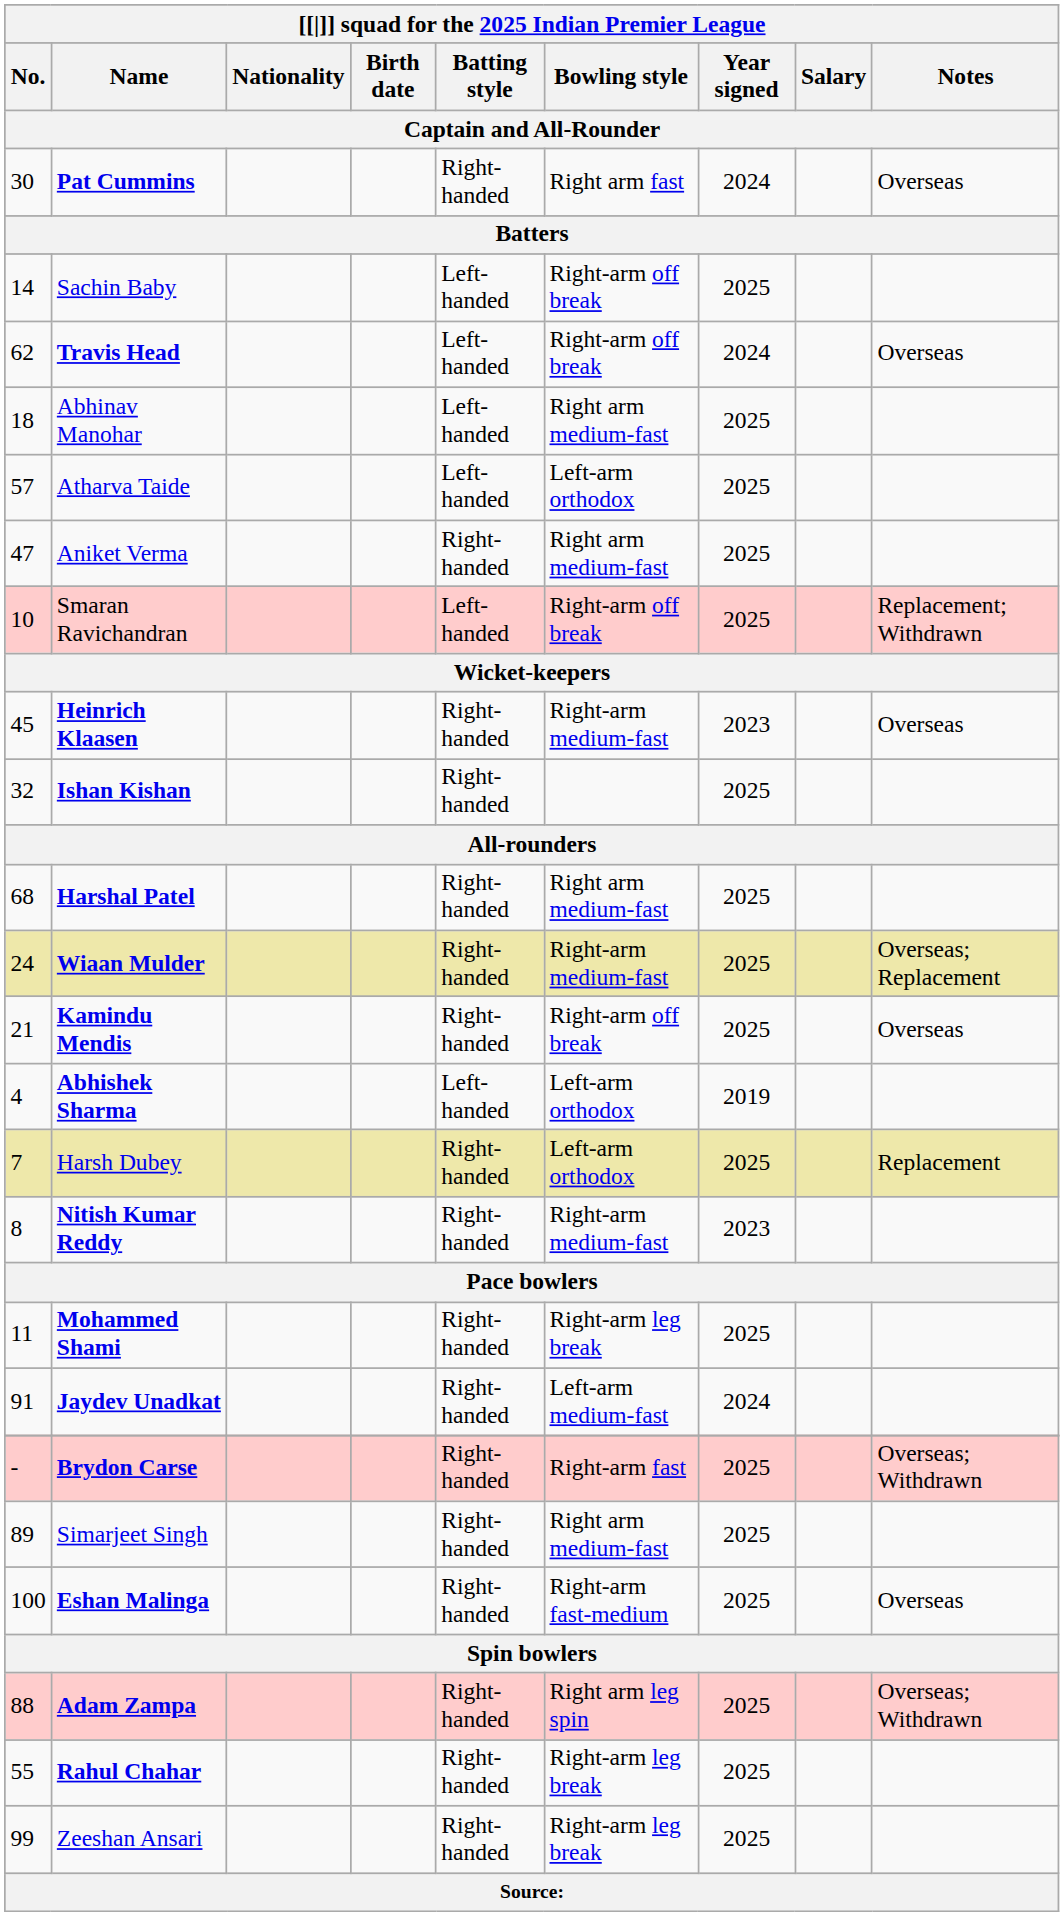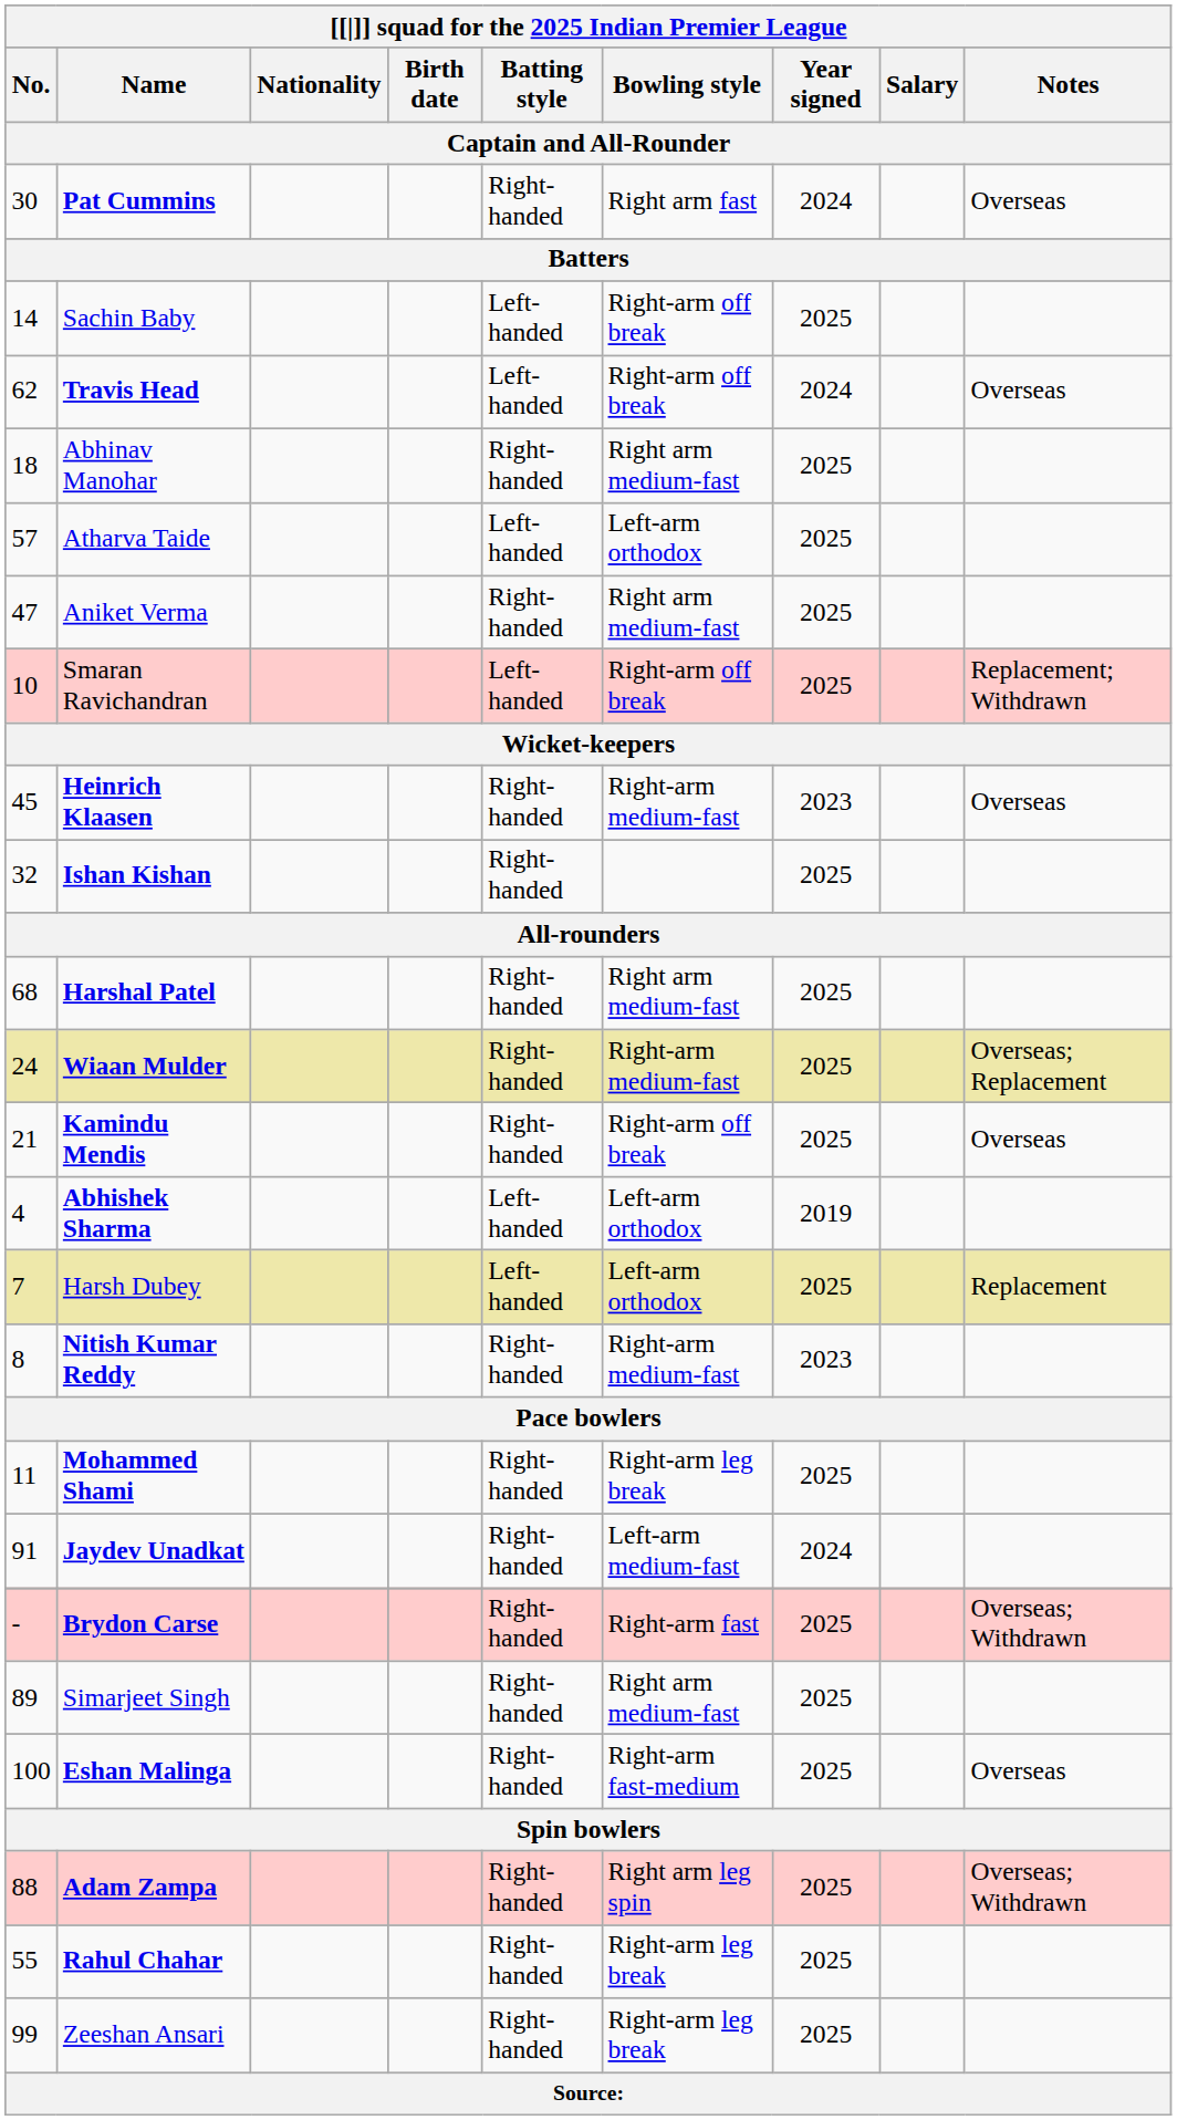 <table class="wikitable" style="font-size:85%">
 <tr>
 <th colspan="9" style="background:#"><span>[[|<span></span>]] squad for the <a href='#'><span>2025 Indian Premier League</span></a></span></th>
 </tr>
 <tr>
 <th>No.</th>
 <th>Name</th>
 <th>Nationality</th>
 <th>Birth date</th>
 <th>Batting style</th>
 <th>Bowling style</th>
 <th>Year signed</th>
 <th>Salary</th>
 <th>Notes</th>
 </tr>
 <tr>
 <th colspan="9">Captain and All-Rounder</th>
 </tr>
 <tr>
 <td>30</td>
 <td><strong><a href='#'>Pat Cummins</a></strong></td>
 <td></td>
 <td></td>
 <td>Right-handed</td>
 <td>Right arm <a href='#'>fast</a></td>
 <td style="text-align:center;">2024</td>
 <td style="text-align:right;"></td>
 <td>Overseas</td>
 </tr>
 <tr>
 <th colspan="9">Batters</th>
 </tr>
 <tr>
 <td>14</td>
 <td><a href='#'>Sachin Baby</a></td>
 <td></td>
 <td></td>
 <td>Left-handed</td>
 <td>Right-arm <a href='#'>off break</a></td>
 <td style="text-align:center;">2025</td>
 <td style="text-align:right;"></td>
 <td></td>
 </tr>
 <tr>
 <td>62</td>
 <td><strong><a href='#'>Travis Head</a></strong></td>
 <td></td>
 <td></td>
 <td>Left-handed</td>
 <td>Right-arm <a href='#'>off break</a></td>
 <td style="text-align:center;">2024</td>
 <td style="text-align:right;"></td>
 <td>Overseas</td>
 </tr>
 <tr>
 <td>18</td>
 <td><a href='#'>Abhinav Manohar</a></td>
 <td></td>
 <td></td>
-<td>Left-handed</td>
+<td>Right-handed</td>
 <td>Right arm <a href='#'>medium-fast</a></td>
 <td style="text-align:center;">2025</td>
 <td style="text-align:right;"></td>
 <td></td>
 </tr>
 <tr>
 <td>57</td>
 <td><a href='#'>Atharva Taide</a></td>
 <td></td>
 <td></td>
 <td>Left-handed</td>
 <td>Left-arm <a href='#'>orthodox</a></td>
 <td style="text-align:center;">2025</td>
 <td style="text-align:right;"></td>
 <td></td>
 </tr>
 <tr>
 <td>47</td>
 <td><a href='#'>Aniket Verma</a></td>
 <td></td>
 <td></td>
 <td>Right-handed</td>
 <td>Right arm <a href='#'>medium-fast</a></td>
 <td style="text-align:center;">2025</td>
 <td style="text-align:right;"></td>
 <td></td>
 </tr>
 <tr style="background:#FFCCCC;">
 <td>10</td>
 <td>Smaran Ravichandran</td>
 <td></td>
 <td></td>
 <td>Left-handed</td>
 <td>Right-arm <a href='#'>off break</a></td>
 <td style="text-align:center;">2025</td>
 <td style="text-align:right;"></td>
 <td>Replacement; Withdrawn </td>
 </tr>
 <tr>
 <th colspan="9">Wicket-keepers</th>
 </tr>
 <tr>
 <td>45</td>
 <td><strong><a href='#'>Heinrich Klaasen</a></strong></td>
 <td></td>
 <td></td>
 <td>Right-handed</td>
 <td>Right-arm <a href='#'>medium-fast</a></td>
 <td style="text-align:center;">2023</td>
 <td style="text-align:right;"></td>
 <td>Overseas</td>
 </tr>
 <tr>
 <td>32</td>
 <td><strong><a href='#'>Ishan Kishan</a></strong></td>
 <td></td>
 <td></td>
 <td>Right-handed</td>
 <td></td>
 <td style="text-align:center;">2025</td>
 <td style="text-align:right;"></td>
 <td></td>
 </tr>
 <tr>
 <th colspan="9">All-rounders</th>
 </tr>
 <tr>
 <td>68</td>
 <td><strong><a href='#'>Harshal Patel</a></strong></td>
 <td></td>
 <td></td>
 <td>Right-handed</td>
 <td>Right arm <a href='#'>medium-fast</a></td>
 <td style="text-align:center;">2025</td>
 <td style="text-align:right;"></td>
 <td></td>
 </tr>
 <tr style="background:#EEE8AA;">
 <td>24</td>
 <td><strong><a href='#'>Wiaan Mulder</a></strong></td>
 <td></td>
 <td></td>
 <td>Right-handed</td>
 <td>Right-arm <a href='#'>medium-fast</a></td>
 <td style="text-align:center;">2025</td>
 <td style="text-align:right;"></td>
 <td>Overseas; Replacement </td>
 </tr>
 <tr>
 <td>21</td>
 <td><strong><a href='#'>Kamindu Mendis</a></strong></td>
 <td></td>
 <td></td>
 <td>Right-handed</td>
 <td>Right-arm <a href='#'>off break</a></td>
 <td style="text-align:center;">2025</td>
 <td style="text-align:right;"></td>
 <td>Overseas</td>
 </tr>
 <tr>
 <td>4</td>
 <td><strong><a href='#'>Abhishek Sharma</a></strong></td>
 <td></td>
 <td></td>
 <td>Left-handed</td>
 <td>Left-arm <a href='#'>orthodox</a></td>
 <td style="text-align:center;">2019</td>
 <td style="text-align:right;"></td>
 <td></td>
 </tr>
 <tr style="background:#EEE8AA;">
 <td>7</td>
 <td><a href='#'>Harsh Dubey</a></td>
 <td></td>
 <td></td>
-<td>Right-handed</td>
+<td>Left-handed</td>
 <td>Left-arm <a href='#'>orthodox</a></td>
 <td style="text-align:center;">2025</td>
 <td style="text-align:right;"></td>
 <td>Replacement </td>
 </tr>
 <tr>
 <td>8</td>
 <td><strong><a href='#'>Nitish Kumar Reddy</a></strong></td>
 <td></td>
 <td></td>
 <td>Right-handed</td>
 <td>Right-arm <a href='#'>medium-fast</a></td>
 <td style="text-align:center;">2023</td>
 <td style="text-align:right;"></td>
 <td></td>
 </tr>
 <tr>
 <th colspan="9">Pace bowlers</th>
 </tr>
 <tr>
 <td>11</td>
 <td><strong><a href='#'>Mohammed Shami</a></strong></td>
 <td></td>
 <td></td>
 <td>Right-handed</td>
 <td>Right-arm <a href='#'>leg break</a></td>
 <td style="text-align:center;">2025</td>
 <td style="text-align:right;"></td>
 <td></td>
 </tr>
 <tr>
 <td>91</td>
 <td><strong><a href='#'>Jaydev Unadkat</a></strong></td>
 <td></td>
 <td></td>
 <td>Right-handed</td>
 <td>Left-arm <a href='#'>medium-fast</a></td>
 <td style="text-align:center;">2024</td>
 <td style="text-align:right;"></td>
 <td></td>
 </tr>
 <tr>
 </tr>
 <tr style="background:#FFCCCC;">
 <td>-</td>
 <td><strong><a href='#'>Brydon Carse</a></strong></td>
 <td></td>
 <td></td>
 <td>Right-handed</td>
 <td>Right-arm <a href='#'>fast</a></td>
 <td style="text-align:center;">2025</td>
 <td style="text-align:right;"></td>
 <td>Overseas; Withdrawn </td>
 </tr>
 <tr>
 <td>89</td>
 <td><a href='#'>Simarjeet Singh</a></td>
 <td></td>
 <td></td>
 <td>Right-handed</td>
 <td>Right arm <a href='#'>medium-fast</a></td>
 <td style="text-align:center;">2025</td>
 <td style="text-align:right;"></td>
 <td></td>
 </tr>
 <tr>
 <td>100</td>
 <td><strong><a href='#'>Eshan Malinga</a></strong></td>
 <td></td>
 <td></td>
 <td>Right-handed</td>
 <td>Right-arm <a href='#'>fast-medium</a></td>
 <td style="text-align:center;">2025</td>
 <td style="text-align:right;"></td>
 <td>Overseas</td>
 </tr>
 <tr>
 <th colspan="9">Spin bowlers</th>
 </tr>
 <tr style="background:#FFCCCC;">
 <td>88</td>
 <td><strong><a href='#'>Adam Zampa</a></strong></td>
 <td></td>
 <td></td>
 <td>Right-handed</td>
 <td>Right arm <a href='#'>leg spin</a></td>
 <td style="text-align:center;">2025</td>
 <td style="text-align:right;"></td>
 <td>Overseas; Withdrawn </td>
 </tr>
 <tr>
 <td>55</td>
 <td><strong><a href='#'>Rahul Chahar</a></strong></td>
 <td></td>
 <td></td>
 <td>Right-handed</td>
 <td>Right-arm <a href='#'>leg break</a></td>
 <td style="text-align:center;">2025</td>
 <td style="text-align:right;"></td>
 <td></td>
 </tr>
 <tr>
 <td>99</td>
 <td><a href='#'>Zeeshan Ansari</a></td>
 <td></td>
 <td></td>
 <td>Right-handed</td>
 <td>Right-arm <a href='#'>leg break</a></td>
 <td style="text-align:center;">2025</td>
 <td style="text-align:right;"></td>
 <td></td>
 </tr>
 <tr>
 <th colspan="9" style="text-align:center;"><small>Source: </small></th>
 </tr>
 </table>
